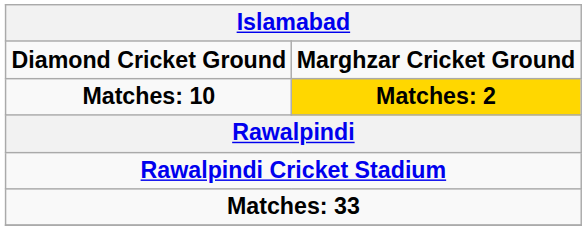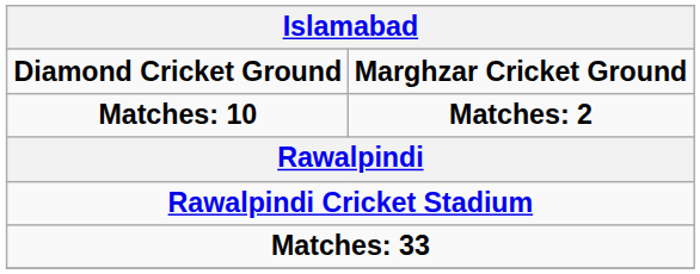 <table class="wikitable" style="margin:1em auto; text-align:center">
 <tr>
 <th colspan=2><a href='#'>Islamabad</a></th>
 </tr>
 <tr>
 <td><strong>Diamond Cricket Ground</strong></td>
 <td><strong>Marghzar Cricket Ground</strong></td>
 </tr>
 <tr>
 <td><strong>Matches: 10</strong></td>
-<td style="background: gold;"><strong>Matches: 2</strong></td>
+<td><strong>Matches: 2</strong></td>
 </tr>
 <tr>
 <th colspan=3><a href='#'>Rawalpindi</a></th>
 </tr>
 <tr>
 <td colspan=3><strong><a href='#'>Rawalpindi Cricket Stadium</a></strong></td>
 </tr>
 <tr>
 <td colspan=3><strong>Matches: 33</strong></td>
 </tr>
 <tr>
 </tr>
 </table>
